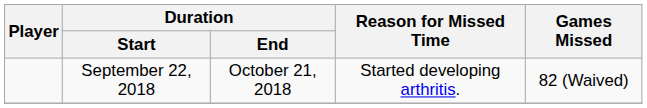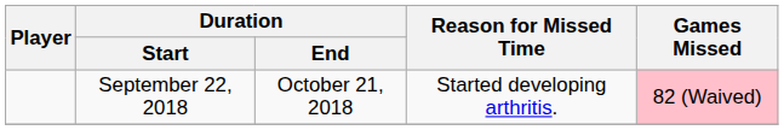 <table class="wikitable sortable collapsible" style="text-align:center;">
 <tr>
 <th rowspan="2">Player</th>
 <th colspan="2">Duration</th>
 <th rowspan="2">Reason for Missed Time</th>
 <th rowspan="2">Games Missed</th>
 </tr>
 <tr>
 <th>Start</th>
 <th>End</th>
 </tr>
 <tr>
 <td></td>
 <td>September 22, 2018</td>
 <td>October 21, 2018</td>
 <td>Started developing <a href='#'>arthritis</a>.</td>
-<td>82 (Waived)</td>
+<td style="background: pink;">82 (Waived)</td>
 </tr>
 <tr>
 </tr>
 </table>
